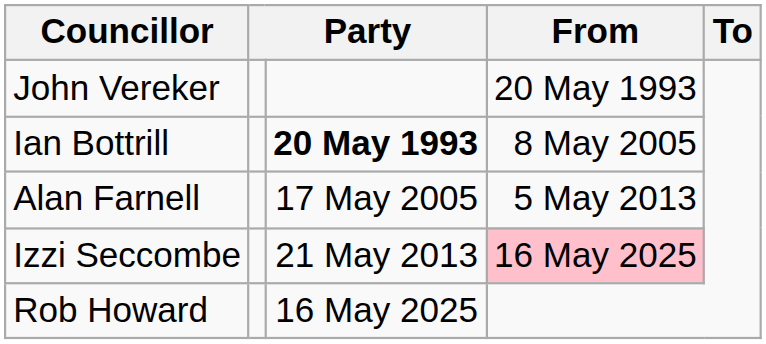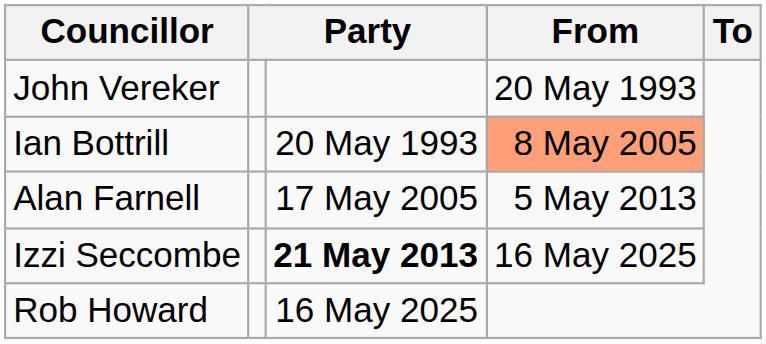 <table class=wikitable>
 <tr>
 <th>Councillor</th>
 <th colspan=2>Party</th>
 <th>From</th>
 <th>To</th>
 </tr>
 <tr>
 <td>John Vereker</td>
 <td></td>
 <td align=right></td>
 <td align=right>20 May 1993</td>
 </tr>
 <tr>
 <td>Ian Bottrill</td>
 <td></td>
-<td align=right><strong>20 May 1993</strong></td>
-<td align=right>8 May 2005</td>
+<td align=right>20 May 1993</td>
+<td align=right style="background: lightsalmon;">8 May 2005</td>
 </tr>
 <tr>
 <td>Alan Farnell</td>
 <td></td>
 <td align=right>17 May 2005</td>
 <td align=right>5 May 2013</td>
 </tr>
 <tr>
 <td>Izzi Seccombe</td>
 <td></td>
-<td align=right>21 May 2013</td>
-<td align=right style="background: pink;">16 May 2025</td>
+<td align=right><strong>21 May 2013</strong></td>
+<td align=right>16 May 2025</td>
 </tr>
 <tr>
 <td>Rob Howard</td>
 <td></td>
 <td align=right>16 May 2025</td>
 </tr>
 </table>
